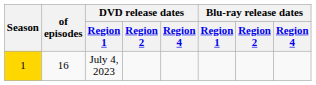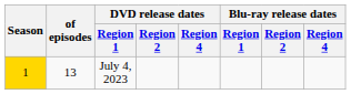 <table class="wikitable plainrowheaders" style="text-align:center; width:58%;">
 <tr>
 <th scope="col" rowspan="2" style="width:5%;">Season</th>
 <th scope="col" rowspan="2" style="width:5%;"> of<br>episodes</th>
 <th scope="col" colspan="3" style="width:48%;">DVD release dates</th>
 <th scope="col" colspan="3" style="width:48%;">Blu-ray release dates</th>
 </tr>
 <tr>
 <th scope="col" style="width:16%;"><a href='#'>Region 1</a></th>
 <th scope="col" style="width:16%;"><a href='#'>Region 2</a></th>
 <th scope="col" style="width:16%;"><a href='#'>Region 4</a></th>
 <th scope="col" style="width:16%;"><a href='#'>Region 1</a></th>
 <th scope="col" style="width:16%;"><a href='#'>Region 2</a></th>
 <th scope="col" style="width:16%;"><a href='#'>Region 4</a></th>
 </tr>
 <tr>
 <td scope="row" style="background: gold;">1</td>
-<td>16</td>
+<td>13</td>
 <td>July 4, 2023</td>
 <td></td>
 <td></td>
 <td></td>
 <td></td>
 <td></td>
 </tr>
 </table>
